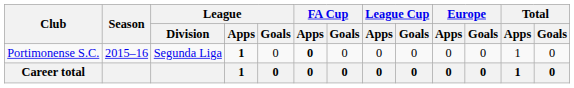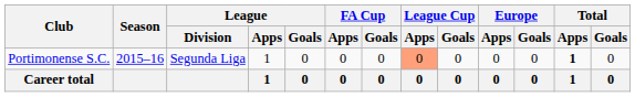 <table class="wikitable" style="text-align:center">
 <tr>
 <th rowspan="2">Club</th>
 <th rowspan="2">Season</th>
 <th colspan="3">League</th>
 <th colspan="2"><a href='#'>FA Cup</a></th>
 <th colspan="2"><a href='#'>League Cup</a></th>
 <th colspan="2"><a href='#'>Europe</a></th>
 <th colspan="2">Total</th>
 </tr>
 <tr>
 <th>Division</th>
 <th>Apps</th>
 <th>Goals</th>
 <th>Apps</th>
 <th>Goals</th>
 <th>Apps</th>
 <th>Goals</th>
 <th>Apps</th>
 <th>Goals</th>
 <th>Apps</th>
 <th>Goals</th>
 </tr>
 <tr>
 <td><a href='#'>Portimonense S.C.</a></td>
 <td><a href='#'>2015–16</a></td>
 <td><a href='#'>Segunda Liga</a></td>
-<td><strong>1</strong></td>
-<td>0</td>
-<td><strong>0</strong></td>
+<td>1</td>
 <td>0</td>
 <td>0</td>
 <td>0</td>
+<td style="background: lightsalmon;">0</td>
 <td>0</td>
 <td>0</td>
-<td>1</td>
+<td>0</td>
+<td><strong>1</strong></td>
 <td>0</td>
 </tr>
 <tr>
 <th>Career total</th>
 <th></th>
 <th></th>
 <th>1</th>
 <th>0</th>
 <th>0</th>
 <th>0</th>
 <th>0</th>
 <th>0</th>
 <th>0</th>
 <th>0</th>
 <th>1</th>
 <th>0</th>
 </tr>
 </table>
